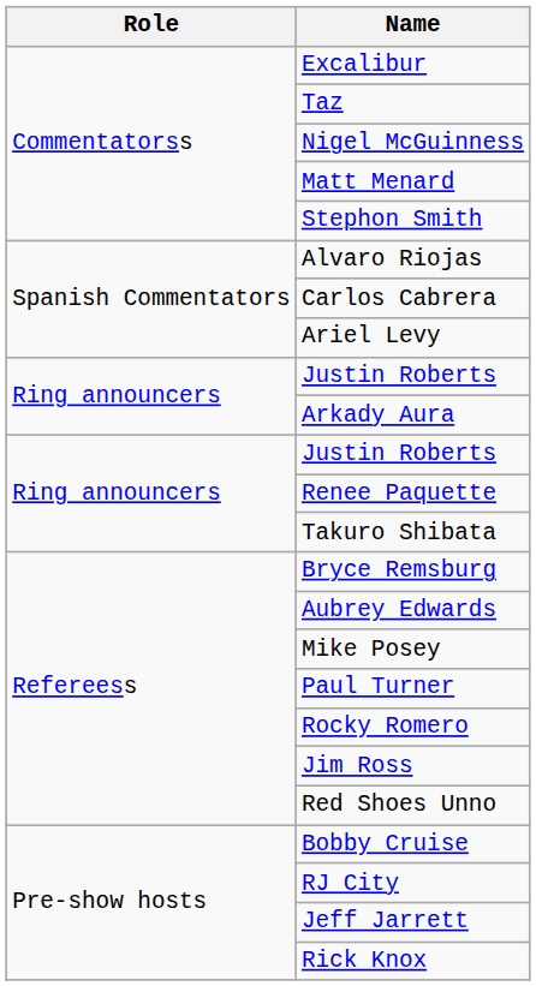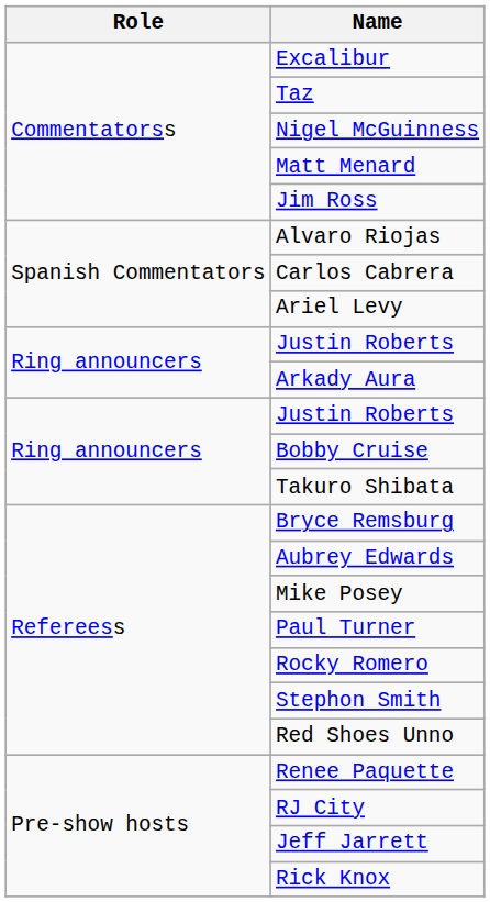 <table class=wikitable style="font-size:90%; margin: 0.5em 0 0.5em 1em; float: right; clear: right;">
 <tr>
 <th>Role</th>
 <th>Name</th>
 </tr>
 <tr>
 <td rowspan="5"><a href='#'>Commentators</a>s</td>
 <td><a href='#'>Excalibur</a> </td>
 </tr>
 <tr>
 <td><a href='#'>Taz</a> </td>
 </tr>
 <tr>
 <td><a href='#'>Nigel McGuinness</a> </td>
 </tr>
 <tr>
 <td><a href='#'>Matt Menard</a> </td>
 </tr>
 <tr>
-<td><a href='#'>Stephon Smith</a></td>
+<td><a href='#'>Jim Ross</a> </td>
 </tr>
 <tr>
 <td rowspan=3>Spanish Commentators</td>
 <td>Alvaro Riojas</td>
 </tr>
 <tr>
 <td>Carlos Cabrera</td>
 </tr>
 <tr>
 <td>Ariel Levy</td>
 </tr>
 <tr>
 <td rowspan=2><a href='#'>Ring announcers</a></td>
 <td><a href='#'>Justin Roberts</a> </td>
 </tr>
 <tr>
 <td><a href='#'>Arkady Aura</a> </td>
 </tr>
 <tr>
 <td rowspan=3><a href='#'>Ring announcers</a></td>
 <td><a href='#'>Justin Roberts</a> </td>
 </tr>
 <tr>
-<td><a href='#'>Renee Paquette</a></td>
+<td><a href='#'>Bobby Cruise</a> </td>
 </tr>
 <tr>
 <td>Takuro Shibata </td>
 </tr>
 <tr>
 <td rowspan=7><a href='#'>Referees</a>s</td>
 <td><a href='#'>Bryce Remsburg</a></td>
 </tr>
 <tr>
 <td><a href='#'>Aubrey Edwards</a></td>
 </tr>
 <tr>
 <td>Mike Posey</td>
 </tr>
 <tr>
 <td><a href='#'>Paul Turner</a></td>
 </tr>
 <tr>
 <td><a href='#'>Rocky Romero</a></td>
 </tr>
 <tr>
-<td><a href='#'>Jim Ross</a> </td>
+<td><a href='#'>Stephon Smith</a></td>
 </tr>
 <tr>
 <td>Red Shoes Unno</td>
 </tr>
 <tr>
 <td rowspan=4>Pre-show hosts</td>
-<td><a href='#'>Bobby Cruise</a> </td>
+<td><a href='#'>Renee Paquette</a></td>
 </tr>
 <tr>
 <td><a href='#'>RJ City</a></td>
 </tr>
 <tr>
 <td><a href='#'>Jeff Jarrett</a></td>
 </tr>
 <tr>
 <td><a href='#'>Rick Knox</a></td>
 </tr>
 </table>
